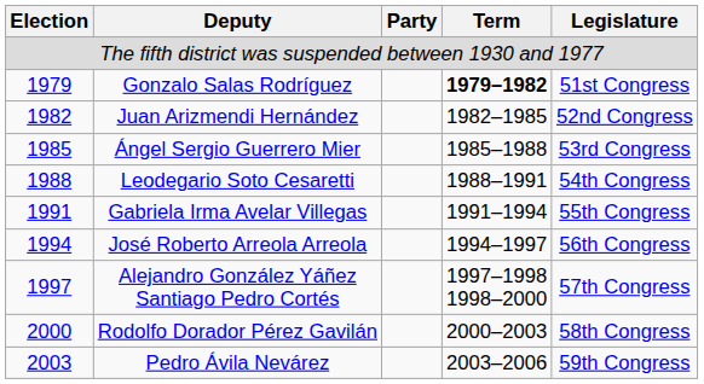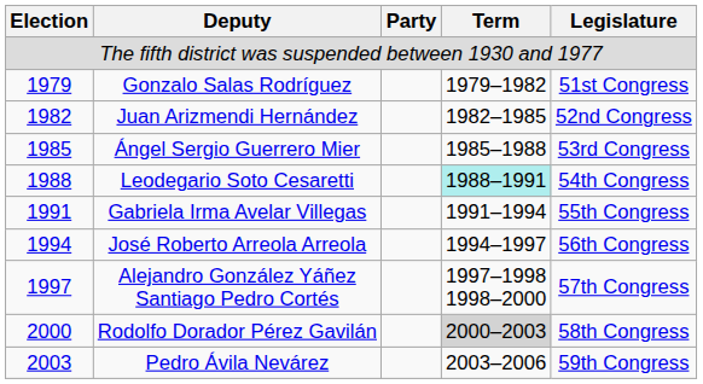 <table class="wikitable sortable" style="text-align: center">
 <tr>
 <th>Election</th>
 <th class="unsortable">Deputy</th>
 <th class="unsortable">Party</th>
 <th class="unsortable">Term</th>
 <th class="unsortable">Legislature</th>
 </tr>
 <tr>
 </tr>
 <tr align=center style="background:Gainsboro;">
 <td colspan=6> <em>The fifth district was suspended between 1930 and 1977</em></td>
 </tr>
 <tr>
 <td><a href='#'>1979</a></td>
 <td><a href='#'>Gonzalo Salas Rodríguez</a></td>
 <td></td>
-<td><strong>1979–1982</strong></td>
+<td>1979–1982</td>
 <td><a href='#'>51st Congress</a></td>
 </tr>
 <tr>
 <td><a href='#'>1982</a></td>
 <td><a href='#'>Juan Arizmendi Hernández</a></td>
 <td></td>
 <td>1982–1985</td>
 <td><a href='#'>52nd Congress</a></td>
 </tr>
 <tr>
 <td><a href='#'>1985</a></td>
 <td><a href='#'>Ángel Sergio Guerrero Mier</a></td>
 <td></td>
 <td>1985–1988</td>
 <td><a href='#'>53rd Congress</a></td>
 </tr>
 <tr>
 <td><a href='#'>1988</a></td>
 <td><a href='#'>Leodegario Soto Cesaretti</a></td>
 <td></td>
-<td>1988–1991</td>
+<td style="background: paleturquoise;">1988–1991</td>
 <td><a href='#'>54th Congress</a></td>
 </tr>
 <tr>
 <td><a href='#'>1991</a></td>
 <td><a href='#'>Gabriela Irma Avelar Villegas</a></td>
 <td></td>
 <td>1991–1994</td>
 <td><a href='#'>55th Congress</a></td>
 </tr>
 <tr>
 <td><a href='#'>1994</a></td>
 <td><a href='#'>José Roberto Arreola Arreola</a></td>
 <td></td>
 <td>1994–1997</td>
 <td><a href='#'>56th Congress</a></td>
 </tr>
 <tr>
 <td><a href='#'>1997</a></td>
 <td><a href='#'>Alejandro González Yáñez</a><br><a href='#'>Santiago Pedro Cortés</a></td>
 <td></td>
 <td>1997–1998<br>1998–2000</td>
 <td><a href='#'>57th Congress</a></td>
 </tr>
 <tr>
 <td><a href='#'>2000</a></td>
 <td><a href='#'>Rodolfo Dorador Pérez Gavilán</a></td>
 <td></td>
-<td>2000–2003</td>
+<td style="background: lightgrey;">2000–2003</td>
 <td><a href='#'>58th Congress</a></td>
 </tr>
 <tr>
 <td><a href='#'>2003</a></td>
 <td><a href='#'>Pedro Ávila Nevárez</a></td>
 <td></td>
 <td>2003–2006</td>
 <td><a href='#'>59th Congress</a></td>
 </tr>
 </table>
